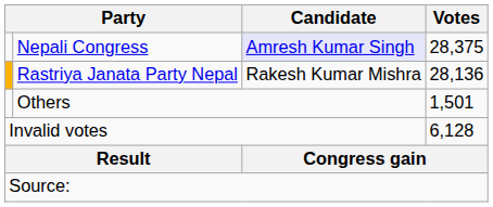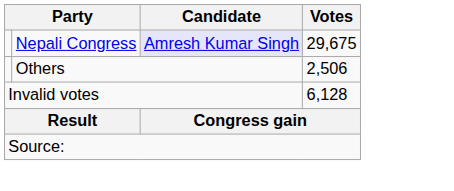 <table class="wikitable">
 <tr>
 <th colspan="2">Party</th>
 <th>Candidate</th>
 <th>Votes</th>
 </tr>
 <tr>
 <td style="background-color:"></td>
 <td><a href='#'>Nepali Congress</a></td>
 <td style="background: lavender;"><a href='#'>Amresh Kumar Singh</a></td>
-<td>28,375</td>
-</tr>
-<tr>
-<td style="background-color:#ffb300"></td>
-<td><a href='#'>Rastriya Janata Party Nepal</a></td>
-<td>Rakesh Kumar Mishra</td>
-<td>28,136</td>
+<td>29,675</td>
 </tr>
 <tr>
 <td></td>
 <td colspan="2">Others</td>
-<td>1,501</td>
+<td>2,506</td>
 </tr>
 <tr>
 <td colspan="3">Invalid votes</td>
 <td>6,128</td>
 </tr>
 <tr>
 <th colspan="2">Result</th>
 <th colspan="2">Congress gain</th>
 </tr>
 <tr>
 <td colspan="4">Source: </td>
 </tr>
 </table>
